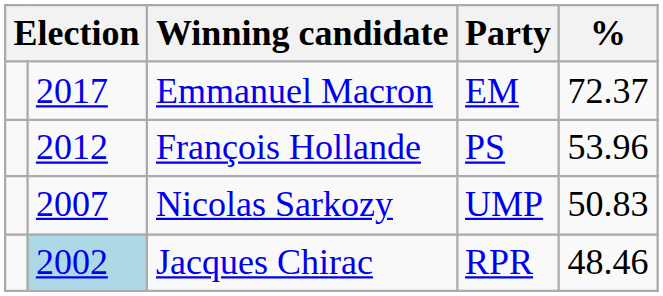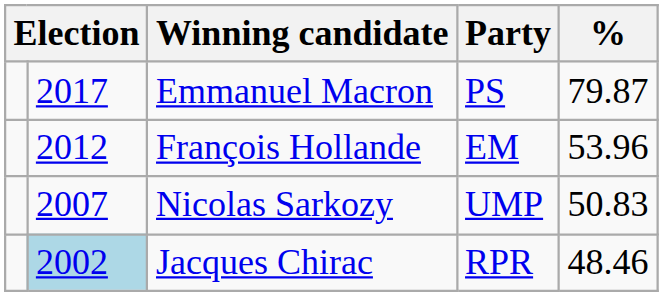 <table class="wikitable">
 <tr>
 <th colspan="2">Election</th>
 <th>Winning candidate</th>
 <th>Party</th>
 <th>%</th>
 </tr>
 <tr>
 <td style="background-color: "></td>
 <td><a href='#'>2017</a></td>
 <td><a href='#'>Emmanuel Macron</a></td>
-<td><a href='#'>EM</a></td>
-<td>72.37</td>
+<td><a href='#'>PS</a></td>
+<td>79.87</td>
 </tr>
 <tr>
 <td style="background-color: "></td>
 <td><a href='#'>2012</a></td>
 <td><a href='#'>François Hollande</a></td>
-<td><a href='#'>PS</a></td>
+<td><a href='#'>EM</a></td>
 <td>53.96</td>
 </tr>
 <tr>
 <td style="background-color: "></td>
 <td><a href='#'>2007</a></td>
 <td><a href='#'>Nicolas Sarkozy</a></td>
 <td><a href='#'>UMP</a></td>
 <td>50.83</td>
 </tr>
 <tr>
 <td style="background-color: "></td>
 <td style="background: lightblue;"><a href='#'>2002</a></td>
 <td><a href='#'>Jacques Chirac</a></td>
 <td><a href='#'>RPR</a></td>
 <td>48.46</td>
 </tr>
 </table>
